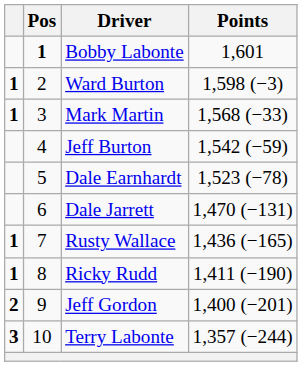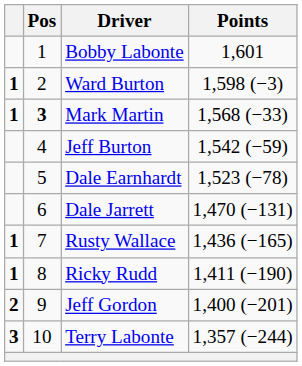 <table class="wikitable" style="font-size: 95%;">
 <tr>
 <th></th>
 <th>Pos</th>
 <th>Driver</th>
 <th>Points</th>
 </tr>
 <tr>
 <td align="left"></td>
-<td style="text-align:center;"><strong>1</strong></td>
+<td style="text-align:center;">1</td>
 <td><a href='#'>Bobby Labonte</a></td>
 <td style="text-align:center;">1,601</td>
 </tr>
 <tr>
 <td align="left">  <strong>1</strong></td>
 <td style="text-align:center;">2</td>
 <td><a href='#'>Ward Burton</a></td>
 <td style="text-align:center;">1,598 (−3)</td>
 </tr>
 <tr>
 <td align="left">  <strong>1</strong></td>
-<td style="text-align:center;">3</td>
+<td style="text-align:center;"><strong>3</strong></td>
 <td><a href='#'>Mark Martin</a></td>
 <td style="text-align:center;">1,568 (−33)</td>
 </tr>
 <tr>
 <td align="left"></td>
 <td style="text-align:center;">4</td>
 <td><a href='#'>Jeff Burton</a></td>
 <td style="text-align:center;">1,542 (−59)</td>
 </tr>
 <tr>
 <td align="left"></td>
 <td style="text-align:center;">5</td>
 <td><a href='#'>Dale Earnhardt</a></td>
 <td style="text-align:center;">1,523 (−78)</td>
 </tr>
 <tr>
 <td align="left"></td>
 <td style="text-align:center;">6</td>
 <td><a href='#'>Dale Jarrett</a></td>
 <td style="text-align:center;">1,470 (−131)</td>
 </tr>
 <tr>
 <td align="left">  <strong>1</strong></td>
 <td style="text-align:center;">7</td>
 <td><a href='#'>Rusty Wallace</a></td>
 <td style="text-align:center;">1,436 (−165)</td>
 </tr>
 <tr>
 <td align="left">  <strong>1</strong></td>
 <td style="text-align:center;">8</td>
 <td><a href='#'>Ricky Rudd</a></td>
 <td style="text-align:center;">1,411 (−190)</td>
 </tr>
 <tr>
 <td align="left">  <strong>2</strong></td>
 <td style="text-align:center;">9</td>
 <td><a href='#'>Jeff Gordon</a></td>
 <td style="text-align:center;">1,400 (−201)</td>
 </tr>
 <tr>
 <td align="left">  <strong>3</strong></td>
 <td style="text-align:center;">10</td>
 <td><a href='#'>Terry Labonte</a></td>
 <td style="text-align:center;">1,357 (−244)</td>
 </tr>
 <tr class="sortbottom">
 <th colspan="9"></th>
 </tr>
 </table>
